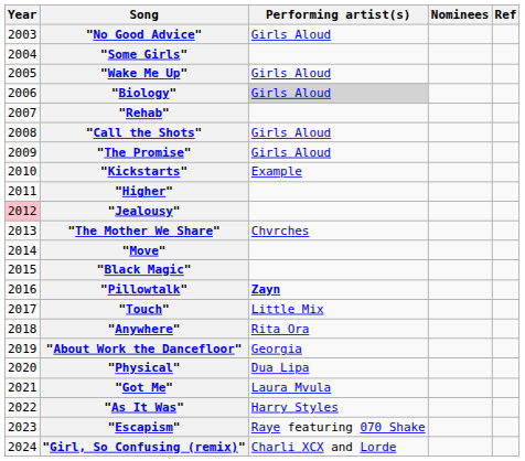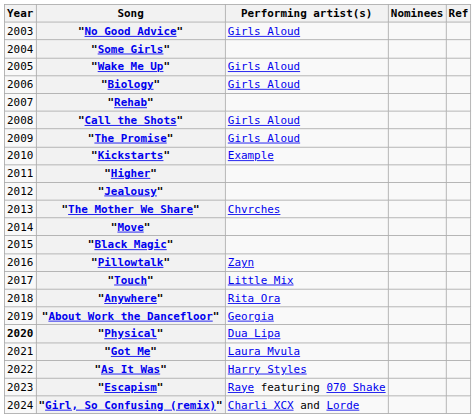 <table class="wikitable sortable plainrowheaders col1center">
 <tr>
 <th scope=col>Year</th>
 <th scope=col>Song</th>
 <th scope=col>Performing artist(s)</th>
 <th class=unsortable scope=col>Nominees</th>
 <th class=unsortable scope=col>Ref</th>
 </tr>
 <tr>
 <td>2003</td>
 <th scope=row>"<a href='#'>No Good Advice</a>"</th>
 <td><a href='#'>Girls Aloud</a></td>
 <td></td>
 <td></td>
 </tr>
 <tr>
 <td>2004</td>
 <th scope=row>"<a href='#'>Some Girls</a>"</th>
 <td></td>
 <td></td>
 <td></td>
 </tr>
 <tr>
 <td>2005</td>
 <th scope=row>"<a href='#'>Wake Me Up</a>"</th>
 <td><a href='#'>Girls Aloud</a></td>
 <td></td>
 <td></td>
 </tr>
 <tr>
 <td>2006</td>
 <th scope=row>"<a href='#'>Biology</a>"</th>
-<td style="background: lightgrey;"><a href='#'>Girls Aloud</a></td>
+<td><a href='#'>Girls Aloud</a></td>
 <td></td>
 <td></td>
 </tr>
 <tr>
 <td>2007</td>
 <th scope=row>"<a href='#'>Rehab</a>"</th>
 <td></td>
 <td></td>
 <td></td>
 </tr>
 <tr>
 <td>2008</td>
 <th scope=row>"<a href='#'>Call the Shots</a>"</th>
 <td><a href='#'>Girls Aloud</a></td>
 <td></td>
 <td></td>
 </tr>
 <tr>
 <td>2009</td>
 <th scope=row>"<a href='#'>The Promise</a>"</th>
 <td><a href='#'>Girls Aloud</a></td>
 <td></td>
 <td></td>
 </tr>
 <tr>
 <td>2010</td>
 <th scope=row>"<a href='#'>Kickstarts</a>"</th>
 <td><a href='#'>Example</a></td>
 <td></td>
 <td></td>
 </tr>
 <tr>
 <td>2011</td>
 <th scope=row>"<a href='#'>Higher</a>"</th>
 <td></td>
 <td></td>
 <td></td>
 </tr>
 <tr>
-<td style="background: pink;">2012</td>
+<td>2012</td>
 <th scope=row>"<a href='#'>Jealousy</a>"</th>
 <td></td>
 <td></td>
 <td></td>
 </tr>
 <tr>
 <td>2013</td>
 <th scope=row>"<a href='#'>The Mother We Share</a>"</th>
 <td><a href='#'>Chvrches</a></td>
 <td></td>
 <td></td>
 </tr>
 <tr>
 <td>2014</td>
 <th scope=row>"<a href='#'>Move</a>"</th>
 <td></td>
 <td></td>
 <td></td>
 </tr>
 <tr>
 <td>2015</td>
 <th scope=row>"<a href='#'>Black Magic</a>"</th>
 <td></td>
 <td></td>
 <td></td>
 </tr>
 <tr>
 <td>2016</td>
 <th scope=row>"<a href='#'>Pillowtalk</a>"</th>
-<td><strong><a href='#'>Zayn</a></strong></td>
+<td><a href='#'>Zayn</a></td>
 <td></td>
 <td></td>
 </tr>
 <tr>
 <td>2017</td>
 <th scope=row>"<a href='#'>Touch</a>"</th>
 <td><a href='#'>Little Mix</a></td>
 <td></td>
 <td></td>
 </tr>
 <tr>
 <td>2018</td>
 <th scope=row>"<a href='#'>Anywhere</a>"</th>
 <td><a href='#'>Rita Ora</a></td>
 <td></td>
 <td></td>
 </tr>
 <tr>
 <td>2019</td>
 <th scope=row>"<a href='#'>About Work the Dancefloor</a>"</th>
 <td><a href='#'>Georgia</a></td>
 <td></td>
 </tr>
 <tr>
-<td>2020</td>
+<td><strong>2020</strong></td>
 <th scope=row>"<a href='#'>Physical</a>"</th>
 <td><a href='#'>Dua Lipa</a></td>
 <td></td>
 <td></td>
 </tr>
 <tr>
 <td>2021</td>
 <th scope=row>"<a href='#'>Got Me</a>"</th>
 <td><a href='#'>Laura Mvula</a></td>
 <td></td>
 <td></td>
 </tr>
 <tr>
 <td>2022</td>
 <th scope=row>"<a href='#'>As It Was</a>"</th>
 <td><a href='#'>Harry Styles</a></td>
 <td></td>
 <td></td>
 </tr>
 <tr>
 <td>2023</td>
 <th scope=row>"<a href='#'>Escapism</a>"</th>
 <td><a href='#'>Raye</a> featuring <a href='#'>070 Shake</a></td>
 <td></td>
 <td></td>
 </tr>
 <tr>
 <td>2024</td>
 <th scope=row>"<a href='#'>Girl, So Confusing (remix)</a>"</th>
 <td><a href='#'>Charli XCX</a> and <a href='#'>Lorde</a></td>
 <td></td>
 <td></td>
 </tr>
 </table>
